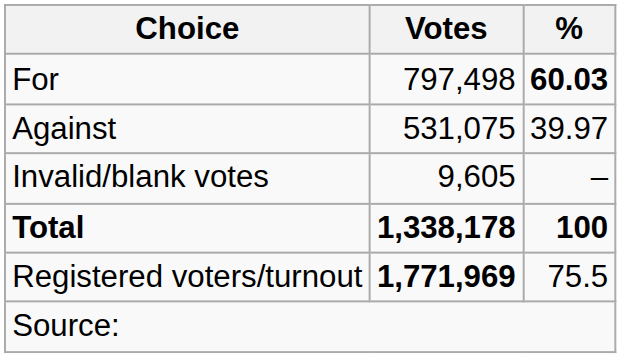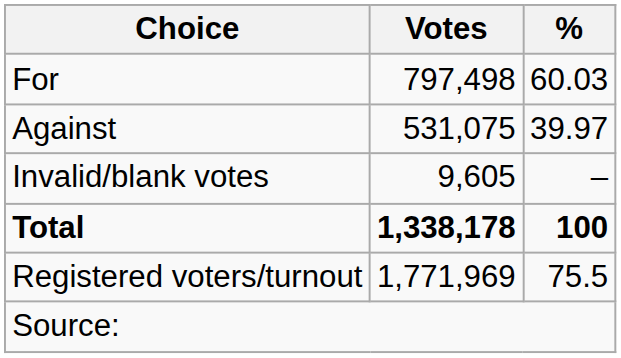 <table class=wikitable style=text-align:right>
 <tr>
 <th>Choice</th>
 <th>Votes</th>
 <th>%</th>
 </tr>
 <tr>
 <td align=left>For</td>
 <td>797,498</td>
-<td><strong>60.03</strong></td>
+<td>60.03</td>
 </tr>
 <tr>
 <td align=left>Against</td>
 <td>531,075</td>
 <td>39.97</td>
 </tr>
 <tr>
 <td align=left>Invalid/blank votes</td>
 <td>9,605</td>
 <td>–</td>
 </tr>
 <tr>
 <td align=left><strong>Total</strong></td>
 <td><strong>1,338,178</strong></td>
 <td><strong>100</strong></td>
 </tr>
 <tr>
 <td align=left>Registered voters/turnout</td>
-<td><strong>1,771,969</strong></td>
+<td>1,771,969</td>
 <td>75.5</td>
 </tr>
 <tr>
 <td align=left colspan=3>Source: </td>
 </tr>
 </table>
